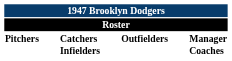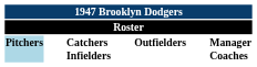 <table class="toccolours" style="font-size: 95%;">
 <tr>
 <th colspan="10" style="background-color: #083c6b; color: white; text-align: center;">1947 Brooklyn Dodgers</th>
 </tr>
 <tr>
 <td colspan="10" style="background-color: black; color: white; text-align: center;"><strong>Roster</strong></td>
 </tr>
 <tr>
-<td valign="top"><strong>Pitchers</strong><br>                     </td>
+<td valign="top" style="background: lightblue;"><strong>Pitchers</strong><br>                     </td>
 <td width="25px"></td>
 <td valign="top"><strong>Catchers</strong><br>   <strong>Infielders</strong>          </td>
 <td width="25px"></td>
 <td valign="top"><strong>Outfielders</strong><br>          </td>
 <td width="25px"></td>
 <td valign="top"><strong>Manager</strong><br>  <strong>Coaches</strong>   </td>
 </tr>
 </table>
